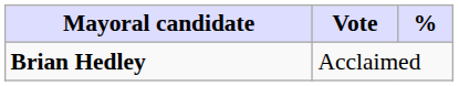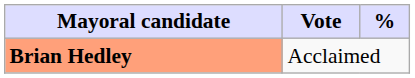 <table class="wikitable">
 <tr>
 <th style="background:#ddf;" width="200px">Mayoral candidate</th>
 <th style="background:#ddf;" width="50px">Vote</th>
 <th style="background:#ddf;" width="30px">%</th>
 </tr>
 <tr>
-<td><strong>Brian Hedley</strong></td>
+<td style="background: lightsalmon;"><strong>Brian Hedley</strong></td>
 <td colspan="2">Acclaimed</td>
 </tr>
 </table>
